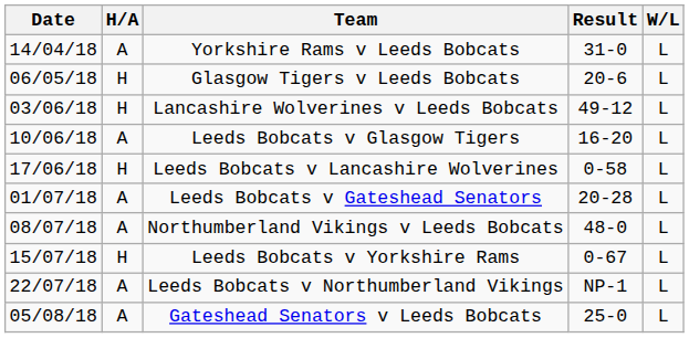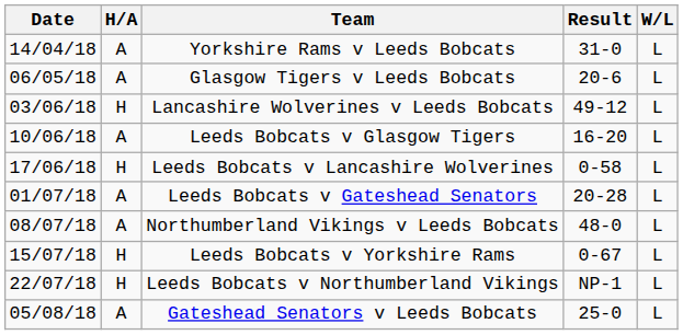 <table class="wikitable" style="text-align: center;">
 <tr>
 <th>Date</th>
 <th>H/A</th>
 <th>Team</th>
 <th>Result</th>
 <th>W/L</th>
 </tr>
 <tr>
 <td>14/04/18</td>
 <td>A</td>
 <td>Yorkshire Rams v Leeds Bobcats</td>
 <td>31-0</td>
 <td>L</td>
 </tr>
 <tr>
 <td>06/05/18</td>
-<td>H</td>
+<td>A</td>
 <td>Glasgow Tigers v Leeds Bobcats</td>
 <td>20-6</td>
 <td>L</td>
 </tr>
 <tr>
 <td>03/06/18</td>
 <td>H</td>
 <td>Lancashire Wolverines v Leeds Bobcats</td>
 <td>49-12</td>
 <td>L</td>
 </tr>
 <tr>
 <td>10/06/18</td>
 <td>A</td>
 <td>Leeds Bobcats v Glasgow Tigers</td>
 <td>16-20</td>
 <td>L</td>
 </tr>
 <tr>
 <td>17/06/18</td>
 <td>H</td>
 <td>Leeds Bobcats v Lancashire Wolverines</td>
 <td>0-58</td>
 <td>L</td>
 </tr>
 <tr>
 <td>01/07/18</td>
 <td>A</td>
 <td>Leeds Bobcats v <a href='#'>Gateshead Senators</a></td>
 <td>20-28</td>
 <td>L</td>
 </tr>
 <tr>
 <td>08/07/18</td>
 <td>A</td>
 <td>Northumberland Vikings v Leeds Bobcats</td>
 <td>48-0</td>
 <td>L</td>
 </tr>
 <tr>
 <td>15/07/18</td>
 <td>H</td>
 <td>Leeds Bobcats v Yorkshire Rams</td>
 <td>0-67</td>
 <td>L</td>
 </tr>
 <tr>
 <td>22/07/18</td>
-<td>A</td>
+<td>H</td>
 <td>Leeds Bobcats v Northumberland Vikings</td>
 <td>NP-1</td>
 <td>L</td>
 </tr>
 <tr>
 <td>05/08/18</td>
 <td>A</td>
 <td><a href='#'>Gateshead Senators</a> v Leeds Bobcats</td>
 <td>25-0</td>
 <td>L</td>
 </tr>
 </table>
